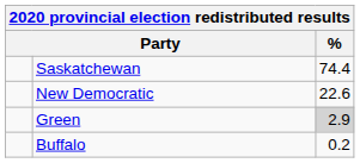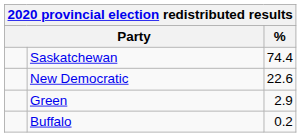 <table class="wikitable">
 <tr>
 <th colspan="4"><a href='#'>2020 provincial election</a> redistributed results</th>
 </tr>
 <tr>
 <th bgcolor="#DDDDFF" width="130px" colspan="2">Party</th>
 <th bgcolor="#DDDDFF" width="30px">%</th>
 </tr>
 <tr>
 <td> </td>
 <td><a href='#'>Saskatchewan</a></td>
 <td align=right>74.4</td>
 </tr>
 <tr>
 <td> </td>
 <td><a href='#'>New Democratic</a></td>
 <td align=right>22.6</td>
 </tr>
 <tr>
 <td> </td>
 <td><a href='#'>Green</a></td>
-<td align=right style="background: lightgrey;">2.9</td>
+<td align=right>2.9</td>
 </tr>
 <tr>
 <td> </td>
 <td><a href='#'>Buffalo</a></td>
 <td align=right>0.2</td>
 </tr>
 </table>
